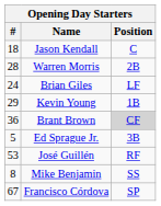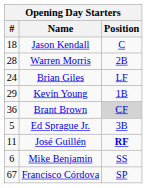 <table class="wikitable" style="text-align:center">
 <tr>
 <th colspan="3">Opening Day Starters</th>
 </tr>
 <tr>
 <th>#</th>
 <th>Name</th>
 <th>Position</th>
 </tr>
 <tr>
 <td>18</td>
 <td><a href='#'>Jason Kendall</a></td>
 <td><a href='#'>C</a></td>
 </tr>
 <tr>
 <td>28</td>
 <td><a href='#'>Warren Morris</a></td>
 <td><a href='#'>2B</a></td>
 </tr>
 <tr>
 <td>24</td>
 <td><a href='#'>Brian Giles</a></td>
 <td><a href='#'>LF</a></td>
 </tr>
 <tr>
 <td>29</td>
 <td><a href='#'>Kevin Young</a></td>
 <td><a href='#'>1B</a></td>
 </tr>
 <tr>
 <td>36</td>
 <td><a href='#'>Brant Brown</a></td>
 <td style="background: lightgrey;"><a href='#'>CF</a></td>
 </tr>
 <tr>
 <td>5</td>
 <td><a href='#'>Ed Sprague Jr.</a></td>
 <td><a href='#'>3B</a></td>
 </tr>
 <tr>
-<td>53</td>
+<td>11</td>
 <td><a href='#'>José Guillén</a></td>
-<td><a href='#'>RF</a></td>
+<td><strong><a href='#'>RF</a></strong></td>
 </tr>
 <tr>
-<td>8</td>
+<td>6</td>
 <td><a href='#'>Mike Benjamin</a></td>
 <td><a href='#'>SS</a></td>
 </tr>
 <tr>
 <td>67</td>
 <td><a href='#'>Francisco Córdova</a></td>
 <td><a href='#'>SP</a></td>
 </tr>
 </table>
